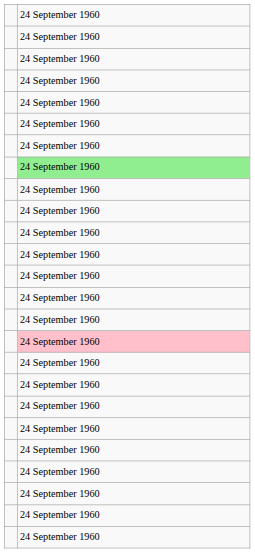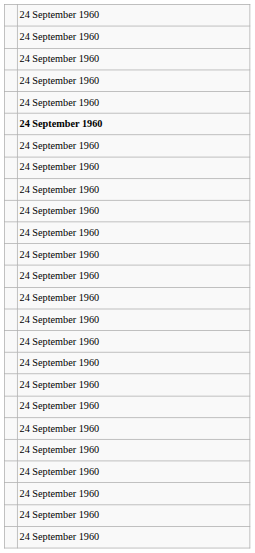 <table class="wikitable" style="font-size: 89%; float: left; width: 24em; margin-right: 1em; line-height: 1.65em">
 <tr>
 <td></td>
 <td>24 September 1960</td>
 </tr>
 <tr>
 <td></td>
 <td>24 September 1960</td>
 </tr>
 <tr>
 <td></td>
 <td>24 September 1960</td>
 </tr>
 <tr>
 <td></td>
 <td>24 September 1960</td>
 </tr>
 <tr>
 <td></td>
 <td>24 September 1960</td>
 </tr>
 <tr>
 <td></td>
-<td>24 September 1960</td>
-</tr>
-<tr>
-<td></td>
-<td>24 September 1960</td>
-</tr>
-<tr>
-<td></td>
-<td style="background: lightgreen;">24 September 1960</td>
+<td><strong>24 September 1960</strong></td>
 </tr>
 <tr>
 <td></td>
 <td>24 September 1960</td>
 </tr>
 <tr>
 <td></td>
 <td>24 September 1960</td>
 </tr>
 <tr>
 <td></td>
 <td>24 September 1960</td>
 </tr>
 <tr>
 <td></td>
 <td>24 September 1960</td>
 </tr>
 <tr>
 <td></td>
 <td>24 September 1960</td>
 </tr>
 <tr>
 <td></td>
 <td>24 September 1960</td>
 </tr>
 <tr>
 <td></td>
 <td>24 September 1960</td>
 </tr>
 <tr>
 <td></td>
-<td style="background: pink;">24 September 1960</td>
+<td>24 September 1960</td>
+</tr>
+<tr>
+<td></td>
+<td>24 September 1960</td>
+</tr>
+<tr>
+<td></td>
+<td>24 September 1960</td>
 </tr>
 <tr>
 <td></td>
 <td>24 September 1960</td>
 </tr>
 <tr>
 <td></td>
 <td>24 September 1960</td>
 </tr>
 <tr>
 <td></td>
 <td>24 September 1960</td>
 </tr>
 <tr>
 <td></td>
 <td>24 September 1960</td>
 </tr>
 <tr>
 <td></td>
 <td>24 September 1960</td>
 </tr>
 <tr>
 <td></td>
 <td>24 September 1960</td>
 </tr>
 <tr>
 <td></td>
 <td>24 September 1960</td>
 </tr>
 <tr>
 <td></td>
 <td>24 September 1960</td>
 </tr>
 <tr>
 <td></td>
 <td>24 September 1960</td>
 </tr>
 </table>
